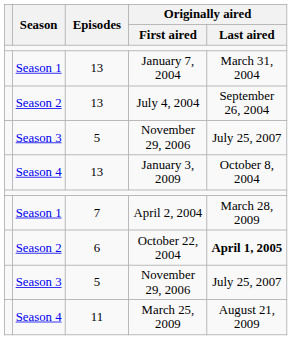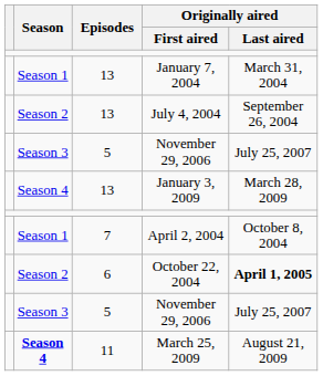 <table class="wikitable" style="text-align: center; width:40%;">
 <tr>
 <th rowspan="2"></th>
 <th style="width:5%;" rowspan="2">Season</th>
 <th style="width:5%;" rowspan="2">Episodes</th>
 <th style="width:20%;" colspan="2">Originally aired</th>
 </tr>
 <tr>
 <th>First aired</th>
 <th>Last aired</th>
 </tr>
 <tr>
 <td style="hight:5%;" colspan="5"></td>
 </tr>
 <tr>
 <td style="background:; width:1%;"></td>
 <td><a href='#'>Season 1</a></td>
 <td>13</td>
 <td>January 7, 2004</td>
 <td>March 31, 2004</td>
 </tr>
 <tr>
 <td style="background:; width:1%;"></td>
 <td><a href='#'>Season 2</a></td>
 <td>13</td>
 <td>July 4, 2004</td>
 <td>September 26, 2004</td>
 </tr>
 <tr>
 <td style="background:; width:1%;"></td>
 <td><a href='#'>Season 3</a></td>
 <td>5</td>
 <td>November 29, 2006</td>
 <td>July 25, 2007</td>
 </tr>
 <tr>
 <td style="background:; width:1%;"></td>
 <td><a href='#'>Season 4</a></td>
 <td>13</td>
 <td>January 3, 2009</td>
-<td>October 8, 2004</td>
+<td>March 28, 2009</td>
 </tr>
 <tr>
 <td style="hight:5%;" colspan="5"></td>
 </tr>
 <tr>
 <td style="background:; width:1%;"></td>
 <td><a href='#'>Season 1</a></td>
 <td>7</td>
 <td>April 2, 2004</td>
-<td>March 28, 2009</td>
+<td>October 8, 2004</td>
 </tr>
 <tr>
 <td style="background:; width:1%;"></td>
 <td><a href='#'>Season 2</a></td>
 <td>6</td>
 <td>October 22, 2004</td>
 <td><strong>April 1, 2005</strong></td>
 </tr>
 <tr>
 <td style="background:; width:1%;"></td>
 <td><a href='#'>Season 3</a></td>
 <td>5</td>
 <td>November 29, 2006</td>
 <td>July 25, 2007</td>
 </tr>
 <tr>
 <td style="background:; width:1%;"></td>
-<td><a href='#'>Season 4</a></td>
+<td><strong><a href='#'>Season 4</a></strong></td>
 <td>11</td>
 <td>March 25, 2009</td>
 <td>August 21, 2009</td>
 </tr>
 </table>
